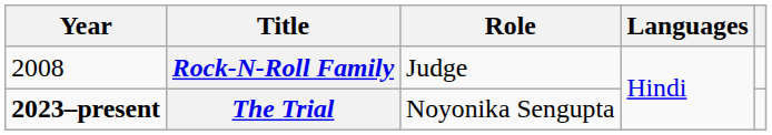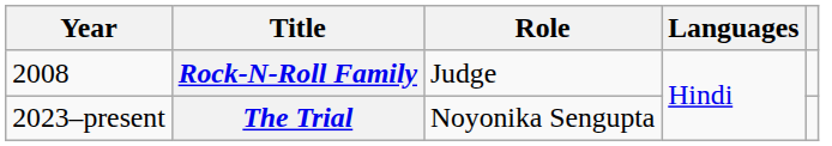 <table class="wikitable plainrowheaders">
 <tr>
 <th scope="col">Year</th>
 <th scope="col">Title</th>
 <th scope="col" class="unsortable">Role</th>
 <th scope="col">Languages</th>
 <th scope="col" class="unsortable"></th>
 </tr>
 <tr>
 <td>2008</td>
 <th scope="row"><em><a href='#'>Rock-N-Roll Family</a></em></th>
 <td>Judge</td>
 <td rowspan="2"><a href='#'>Hindi</a></td>
 <td style="text-align:center;"></td>
 </tr>
 <tr>
-<td><strong>2023–present</strong></td>
+<td>2023–present</td>
 <th scope="row" align="left"><em><a href='#'>The Trial</a></em></th>
 <td>Noyonika Sengupta</td>
 <td></td>
 </tr>
 </table>
